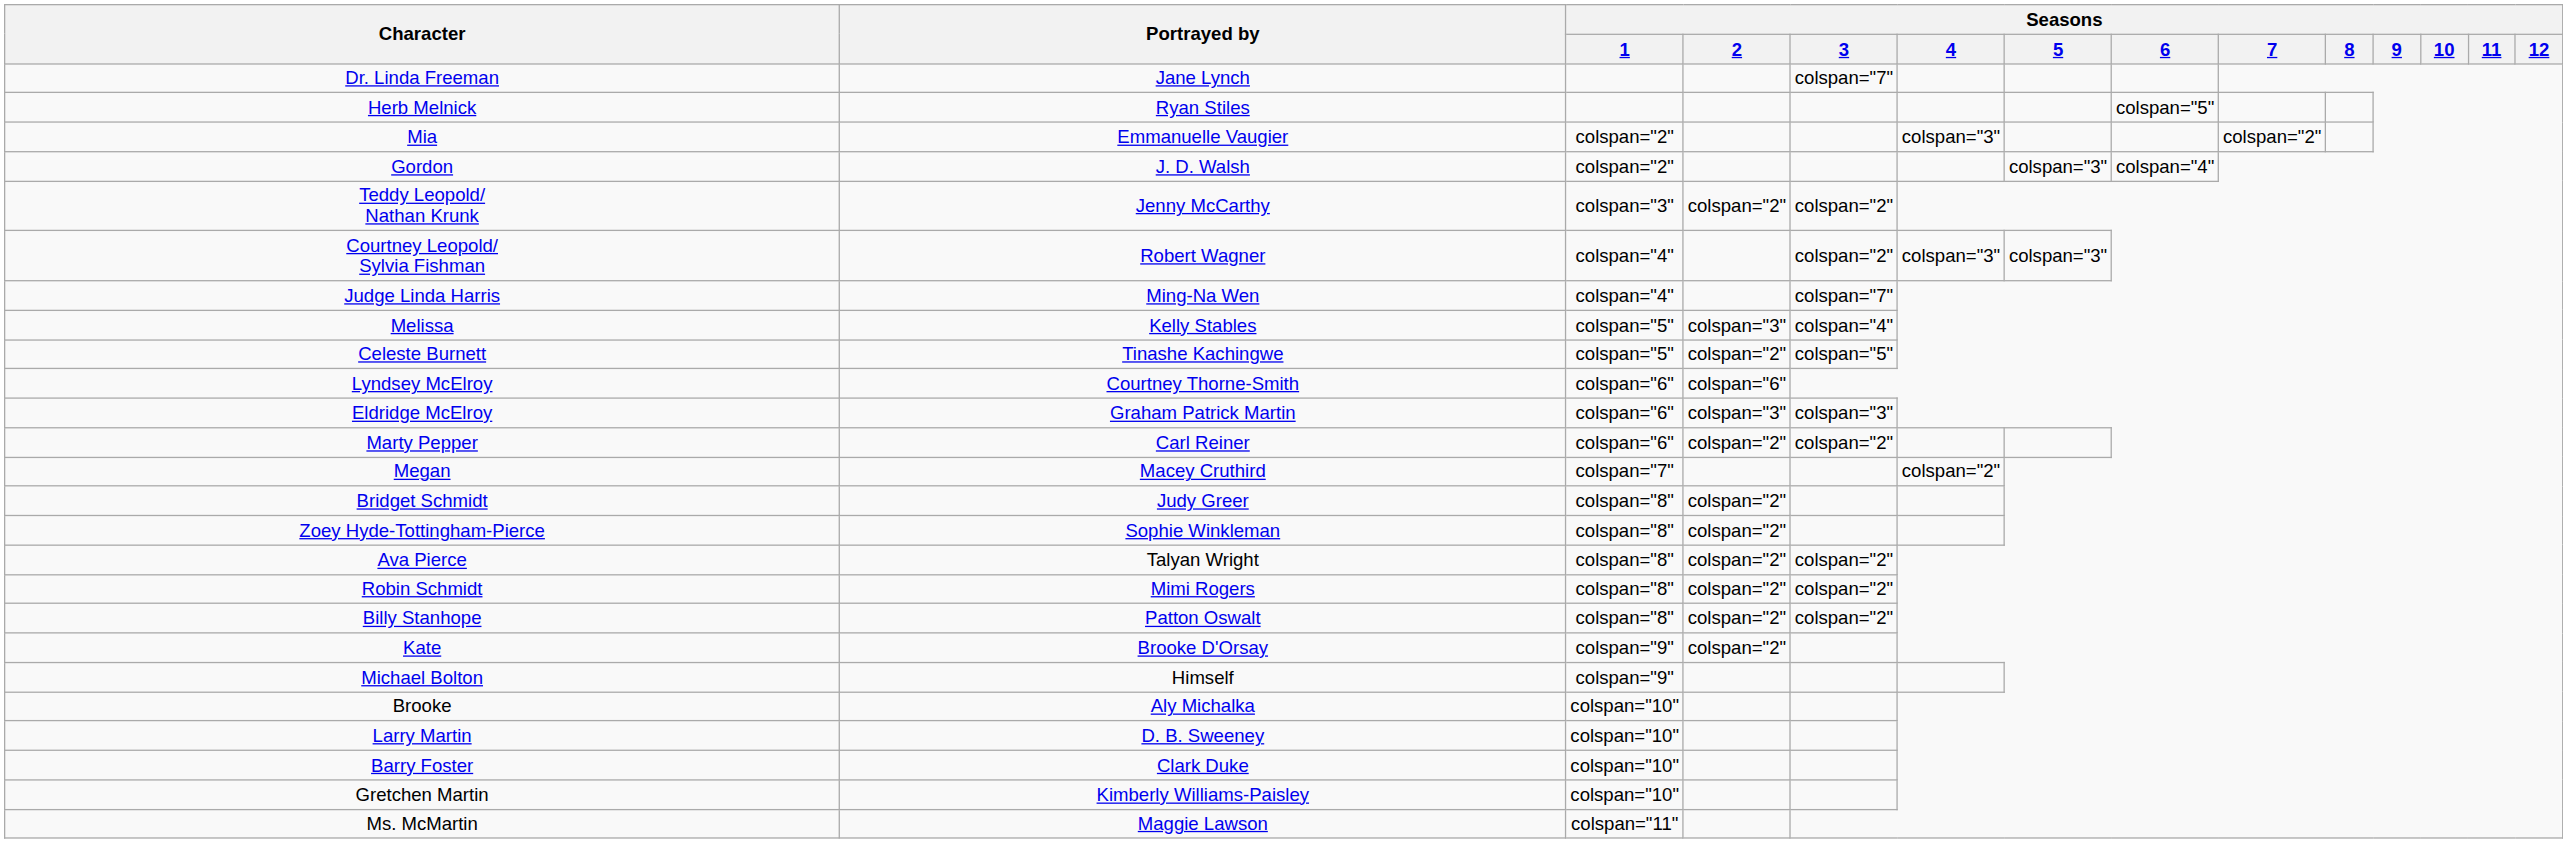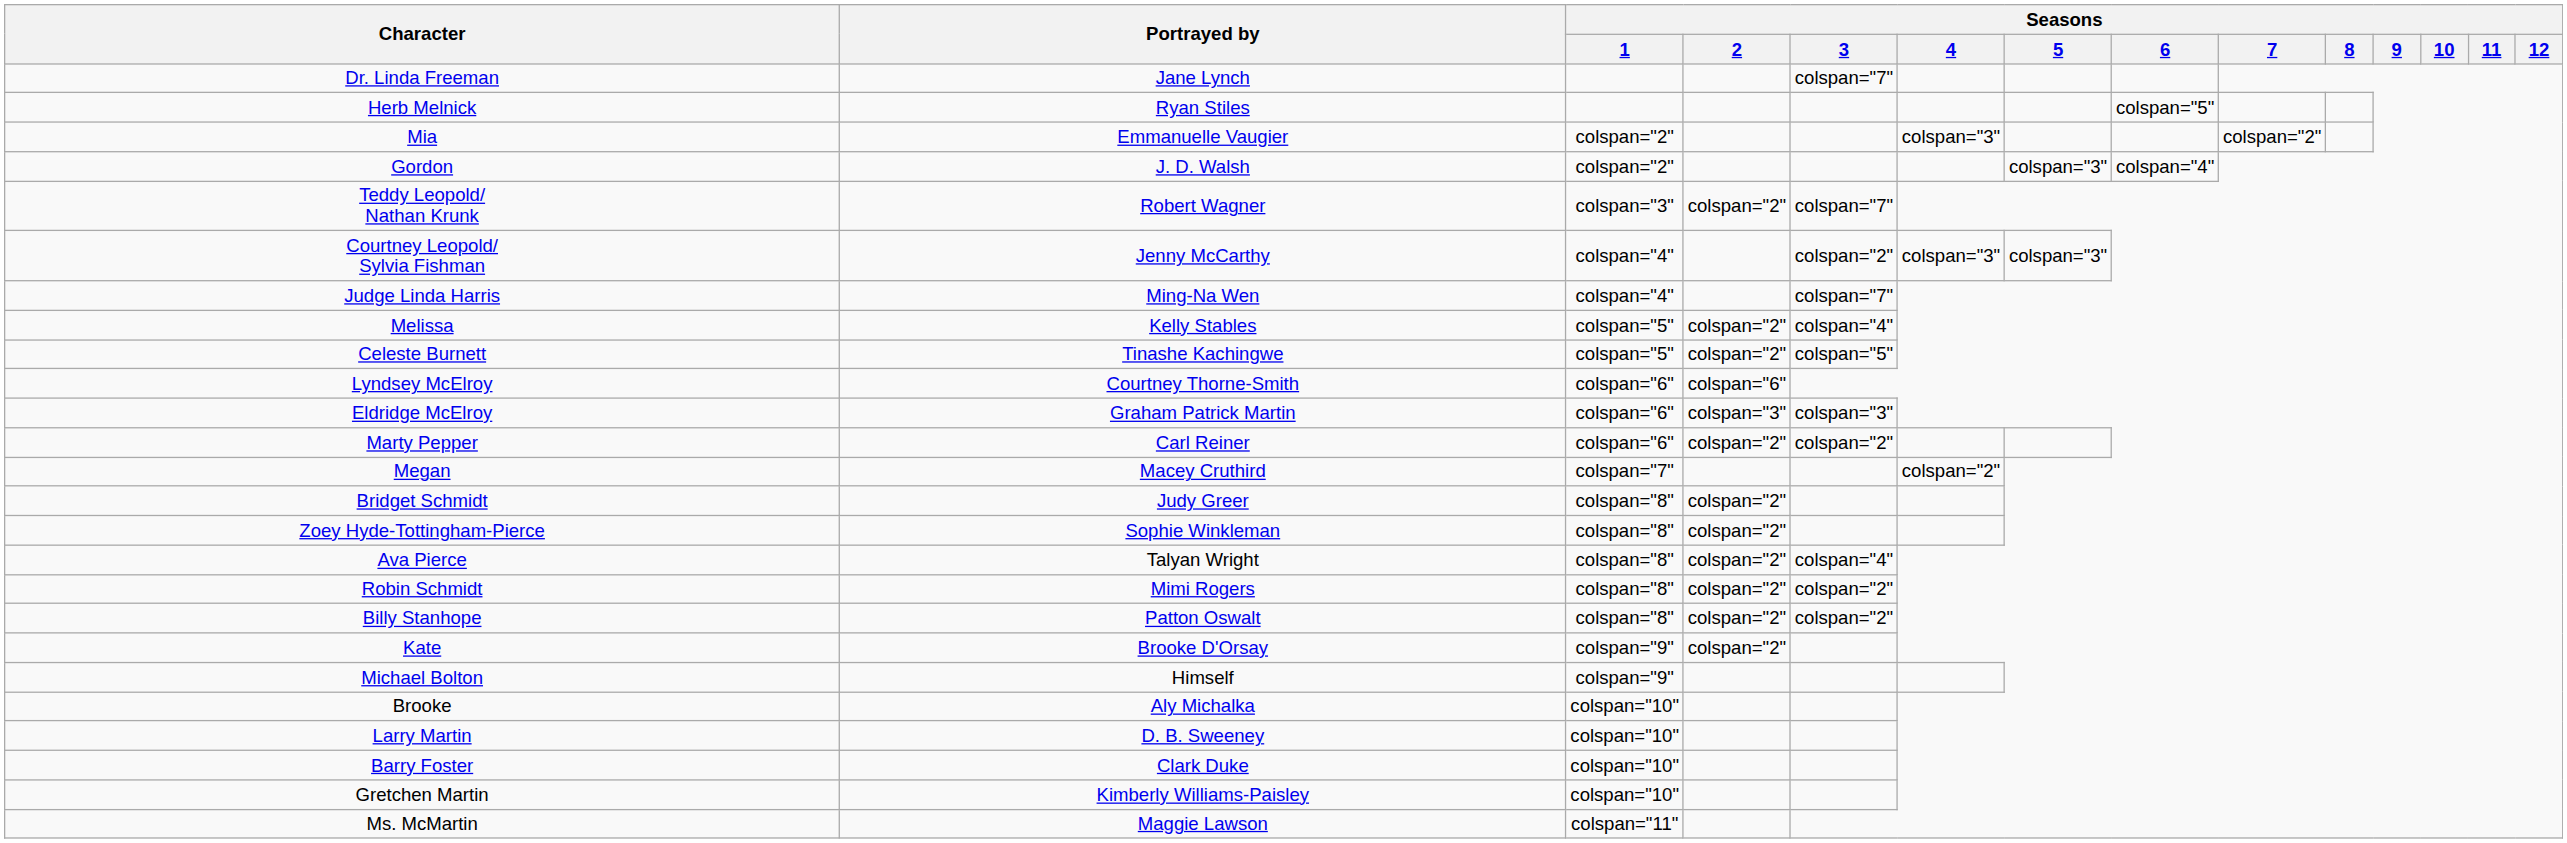 <table class="wikitable plainrowheaders" style="text-align:center; font-size:90%; width:100%">
 <tr>
 <th rowspan="2">Character</th>
 <th rowspan="2">Portrayed by</th>
 <th colspan="12">Seasons</th>
 </tr>
 <tr>
 <th scope="col" style="width:30px;"><a href='#'>1</a></th>
 <th scope="col" style="width:30px;"><a href='#'>2</a></th>
 <th scope="col" style="width:30px;"><a href='#'>3</a></th>
 <th scope="col" style="width:30px;"><a href='#'>4</a></th>
 <th scope="col" style="width:30px;"><a href='#'>5</a></th>
 <th scope="col" style="width:30px;"><a href='#'>6</a></th>
 <th scope="col" style="width:30px;"><a href='#'>7</a></th>
 <th scope="col" style="width:30px;"><a href='#'>8</a></th>
 <th scope="col" style="width:30px;"><a href='#'>9</a></th>
 <th scope="col" style="width:30px;"><a href='#'>10</a></th>
 <th scope="col" style="width:30px;"><a href='#'>11</a></th>
 <th scope="col" style="width:30px;"><a href='#'>12</a></th>
 </tr>
 <tr>
 <td scope="row"><a href='#'>Dr. Linda Freeman</a></td>
 <td><a href='#'>Jane Lynch</a></td>
 <td></td>
 <td></td>
 <td>colspan="7" </td>
 <td></td>
 <td></td>
 <td></td>
 </tr>
 <tr>
 <td scope="row"><a href='#'>Herb Melnick</a></td>
 <td><a href='#'>Ryan Stiles</a></td>
 <td></td>
 <td></td>
 <td></td>
 <td></td>
 <td></td>
 <td>colspan="5" </td>
 <td></td>
 <td></td>
 </tr>
 <tr>
 <td scope="row"><a href='#'>Mia</a></td>
 <td><a href='#'>Emmanuelle Vaugier</a></td>
 <td>colspan="2" </td>
 <td></td>
 <td></td>
 <td>colspan="3" </td>
 <td></td>
 <td></td>
 <td>colspan="2" </td>
 <td></td>
 </tr>
 <tr>
 <td scope="row"><a href='#'>Gordon</a></td>
 <td><a href='#'>J. D. Walsh</a></td>
 <td>colspan="2" </td>
 <td></td>
 <td></td>
 <td></td>
 <td>colspan="3" </td>
 <td>colspan="4" </td>
 </tr>
 <tr>
 <td scope="row"><a href='#'>Teddy Leopold/<br>Nathan Krunk</a></td>
-<td><a href='#'>Jenny McCarthy</a></td>
+<td><a href='#'>Robert Wagner</a></td>
 <td>colspan="3" </td>
 <td>colspan="2" </td>
-<td>colspan="2" </td>
+<td>colspan="7" </td>
 </tr>
 <tr>
 <td scope="row"><a href='#'>Courtney Leopold/<br>Sylvia Fishman</a></td>
-<td><a href='#'>Robert Wagner</a></td>
+<td><a href='#'>Jenny McCarthy</a></td>
 <td>colspan="4" </td>
 <td></td>
 <td>colspan="2" </td>
 <td>colspan="3" </td>
 <td>colspan="3" </td>
 </tr>
 <tr>
 <td scope="row"><a href='#'>Judge Linda Harris</a></td>
 <td><a href='#'>Ming-Na Wen</a></td>
 <td>colspan="4" </td>
 <td></td>
 <td>colspan="7" </td>
 </tr>
 <tr>
 <td scope="row"><a href='#'>Melissa</a></td>
 <td><a href='#'>Kelly Stables</a></td>
 <td>colspan="5" </td>
-<td>colspan="3" </td>
+<td>colspan="2" </td>
 <td>colspan="4" </td>
 </tr>
 <tr>
 <td scope="row"><a href='#'>Celeste Burnett</a></td>
 <td><a href='#'>Tinashe Kachingwe</a></td>
 <td>colspan="5" </td>
 <td>colspan="2" </td>
 <td>colspan="5" </td>
 </tr>
 <tr>
 <td scope="row"><a href='#'>Lyndsey McElroy</a></td>
 <td><a href='#'>Courtney Thorne-Smith</a></td>
 <td>colspan="6" </td>
 <td>colspan="6" </td>
 </tr>
 <tr>
 <td scope="row"><a href='#'>Eldridge McElroy</a></td>
 <td><a href='#'>Graham Patrick Martin</a></td>
 <td>colspan="6" </td>
 <td>colspan="3" </td>
 <td>colspan="3" </td>
 </tr>
 <tr>
 <td scope="row"><a href='#'>Marty Pepper</a></td>
 <td><a href='#'>Carl Reiner</a></td>
 <td>colspan="6" </td>
 <td>colspan="2" </td>
 <td>colspan="2" </td>
 <td></td>
 <td></td>
 </tr>
 <tr>
 <td scope="row"><a href='#'>Megan</a></td>
 <td><a href='#'>Macey Cruthird</a></td>
 <td>colspan="7" </td>
 <td></td>
 <td></td>
 <td>colspan="2" </td>
 </tr>
 <tr>
 <td scope="row"><a href='#'>Bridget Schmidt</a></td>
 <td><a href='#'>Judy Greer</a></td>
 <td>colspan="8" </td>
 <td>colspan="2" </td>
 <td></td>
 <td></td>
 </tr>
 <tr>
 <td scope="row"><a href='#'>Zoey Hyde-Tottingham-Pierce</a></td>
 <td><a href='#'>Sophie Winkleman</a></td>
 <td>colspan="8" </td>
 <td>colspan="2" </td>
 <td></td>
 <td></td>
 </tr>
 <tr>
 <td scope="row"><a href='#'>Ava Pierce</a></td>
 <td>Talyan Wright</td>
 <td>colspan="8" </td>
 <td>colspan="2" </td>
-<td>colspan="2" </td>
+<td>colspan="4" </td>
 </tr>
 <tr>
 <td scope="row"><a href='#'>Robin Schmidt</a></td>
 <td><a href='#'>Mimi Rogers</a></td>
 <td>colspan="8" </td>
 <td>colspan="2" </td>
 <td>colspan="2" </td>
 </tr>
 <tr>
 <td scope="row"><a href='#'>Billy Stanhope</a></td>
 <td><a href='#'>Patton Oswalt</a></td>
 <td>colspan="8" </td>
 <td>colspan="2" </td>
 <td>colspan="2" </td>
 </tr>
 <tr>
 <td scope="row"><a href='#'>Kate</a></td>
 <td><a href='#'>Brooke D'Orsay</a></td>
 <td>colspan="9" </td>
 <td>colspan="2" </td>
 <td></td>
 </tr>
 <tr>
 <td scope="row"><a href='#'>Michael Bolton</a></td>
 <td>Himself</td>
 <td>colspan="9" </td>
 <td></td>
 <td></td>
 <td></td>
 </tr>
 <tr>
 <td scope="row">Brooke</td>
 <td><a href='#'>Aly Michalka</a></td>
 <td>colspan="10" </td>
 <td></td>
 <td></td>
 </tr>
 <tr>
 <td scope="row"><a href='#'>Larry Martin</a></td>
 <td><a href='#'>D. B. Sweeney</a></td>
 <td>colspan="10" </td>
 <td></td>
 <td></td>
 </tr>
 <tr>
 <td scope="row"><a href='#'>Barry Foster</a></td>
 <td><a href='#'>Clark Duke</a></td>
 <td>colspan="10" </td>
 <td></td>
 <td></td>
 </tr>
 <tr>
 <td scope="row">Gretchen Martin</td>
 <td><a href='#'>Kimberly Williams-Paisley</a></td>
 <td>colspan="10" </td>
 <td></td>
 <td></td>
 </tr>
 <tr>
 <td scope="row">Ms. McMartin</td>
 <td><a href='#'>Maggie Lawson</a></td>
 <td>colspan="11" </td>
 <td></td>
 </tr>
 </table>
